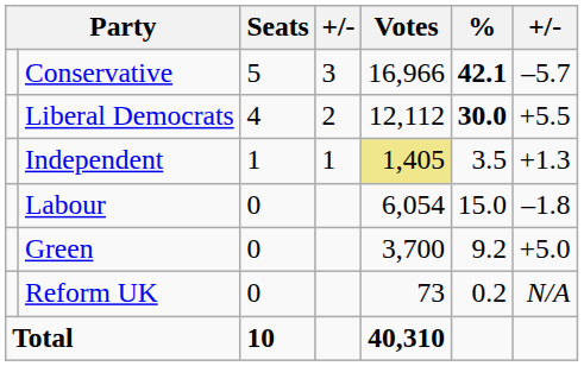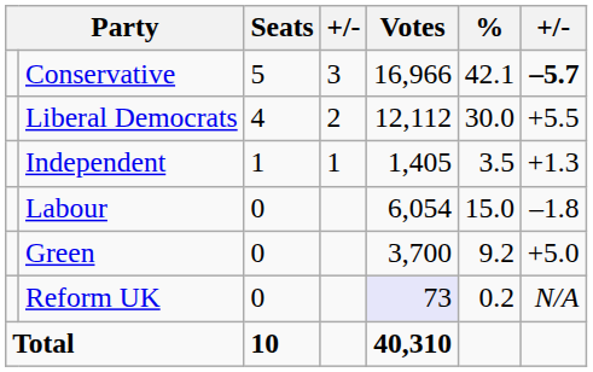 <table class="wikitable sortable">
 <tr>
 <th colspan="2">Party</th>
 <th>Seats</th>
 <th>+/-</th>
 <th>Votes</th>
 <th>%</th>
 <th>+/-</th>
 </tr>
 <tr>
 <td style="background-color: "></td>
 <td><a href='#'>Conservative</a></td>
 <td>5</td>
 <td> 3</td>
 <td style="text-align:right;">16,966</td>
-<td style="text-align:right;"><strong>42.1</strong></td>
-<td style="text-align:right;">–5.7</td>
+<td style="text-align:right;">42.1</td>
+<td style="text-align:right;"><strong>–5.7</strong></td>
 </tr>
 <tr>
 <td style="background-color: "></td>
 <td><a href='#'>Liberal Democrats</a></td>
 <td>4</td>
 <td> 2</td>
 <td style="text-align:right;">12,112</td>
-<td style="text-align:right;"><strong>30.0</strong></td>
+<td style="text-align:right;">30.0</td>
 <td style="text-align:right;">+5.5</td>
 </tr>
 <tr>
 <td style="background-color: "></td>
 <td><a href='#'>Independent</a></td>
 <td>1</td>
 <td> 1</td>
-<td style="background: khaki; text-align:right;">1,405</td>
+<td style="text-align:right;">1,405</td>
 <td style="text-align:right;">3.5</td>
 <td style="text-align:right;">+1.3</td>
 </tr>
 <tr>
 <td style="background-color: "></td>
 <td><a href='#'>Labour</a></td>
 <td>0</td>
 <td></td>
 <td style="text-align:right;">6,054</td>
 <td style="text-align:right;">15.0</td>
 <td style="text-align:right;">–1.8</td>
 </tr>
 <tr>
 <td style="background-color: "></td>
 <td><a href='#'>Green</a></td>
 <td>0</td>
 <td></td>
 <td style="text-align:right;">3,700</td>
 <td style="text-align:right;">9.2</td>
 <td style="text-align:right;">+5.0</td>
 </tr>
 <tr>
 <td style="background-color: "></td>
 <td><a href='#'>Reform UK</a></td>
 <td>0</td>
 <td></td>
-<td style="text-align:right;">73</td>
+<td style="background: lavender; text-align:right;">73</td>
 <td style="text-align:right;">0.2</td>
 <td style="text-align:right;"><em>N/A</em></td>
 </tr>
 <tr>
 <td colspan="2"><strong>Total</strong></td>
 <td><strong>10</strong></td>
 <td></td>
 <td style="text-align:right;"><strong>40,310</strong></td>
 <td style="text-align:right;"></td>
 <td style="text-align:right;"></td>
 </tr>
 </table>
